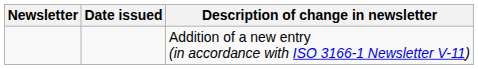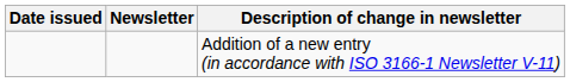 <table class="wikitable">
 <tr>
+<th>Date issued</th>
 <th>Newsletter</th>
-<th>Date issued</th>
 <th>Description of change in newsletter</th>
 </tr>
 <tr>
+<td></td>
 <td id="I-8"></td>
-<td></td>
 <td>Addition of a new entry<br> <em>(in accordance with <a href='#'>ISO 3166-1 Newsletter V-11</a>)</em></td>
 </tr>
 </table>
